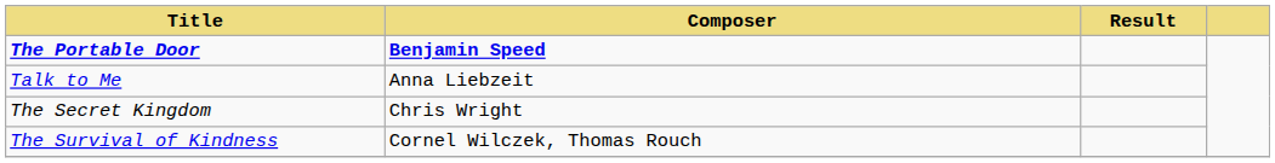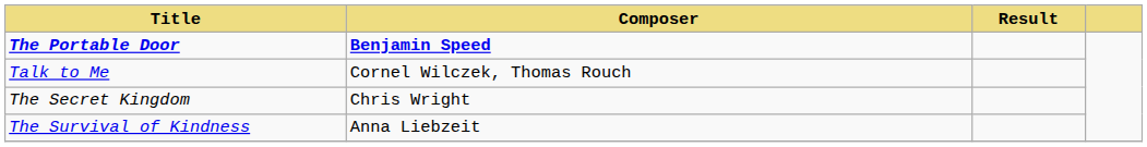 <table class="wikitable" width=100%>
 <tr>
 <th style="width:30%;background:#EEDD82;">Title</th>
 <th style="width:55%;background:#EEDD82;">Composer</th>
 <th style="width:10%;background:#EEDD82;">Result</th>
 <th style="width:5%;background:#EEDD82;"></th>
 </tr>
 <tr>
 <td><strong><em><a href='#'>The Portable Door</a></em></strong></td>
 <td><strong><a href='#'>Benjamin Speed</a></strong></td>
 <td></td>
 <td rowspan="4"><br></td>
 </tr>
 <tr>
 <td><em><a href='#'>Talk to Me</a></em></td>
-<td>Anna Liebzeit</td>
+<td>Cornel Wilczek, Thomas Rouch</td>
 <td></td>
 </tr>
 <tr>
 <td><em>The Secret Kingdom</em></td>
 <td>Chris Wright</td>
 <td></td>
 </tr>
 <tr>
 <td><em><a href='#'>The Survival of Kindness</a></em></td>
-<td>Cornel Wilczek, Thomas Rouch</td>
+<td>Anna Liebzeit</td>
 <td></td>
 </tr>
 <tr>
 </tr>
 </table>
